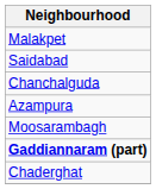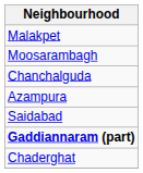 <table class="wikitable sortable static-row-numbers static-row-header-hash">
 <tr>
 <th>Neighbourhood</th>
 </tr>
 <tr>
 <td><a href='#'>Malakpet</a></td>
 </tr>
 <tr>
-<td><a href='#'>Saidabad</a></td>
+<td><a href='#'>Moosarambagh</a></td>
 </tr>
 <tr>
 <td><a href='#'>Chanchalguda</a></td>
 </tr>
 <tr>
 <td><a href='#'>Azampura</a></td>
 </tr>
 <tr>
-<td><a href='#'>Moosarambagh</a></td>
+<td><a href='#'>Saidabad</a></td>
 </tr>
 <tr>
 <td><strong><a href='#'>Gaddiannaram</a> (part)</strong></td>
 </tr>
 <tr>
 <td><a href='#'>Chaderghat</a></td>
 </tr>
 <tr>
 </tr>
 </table>
